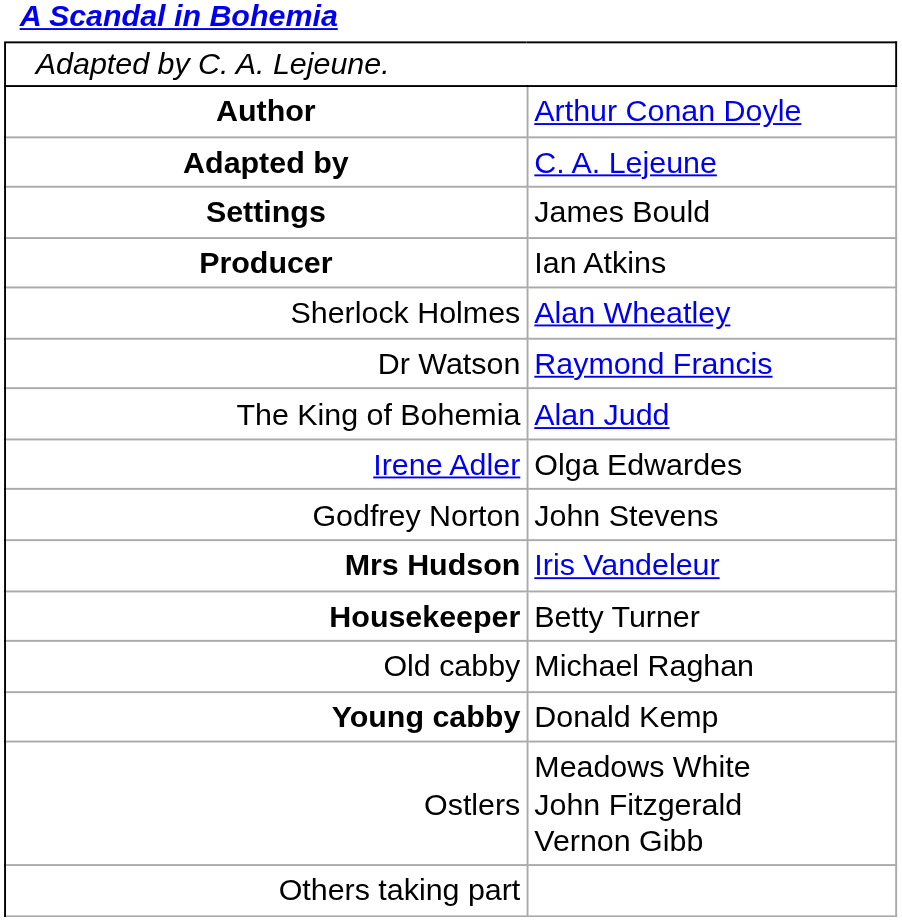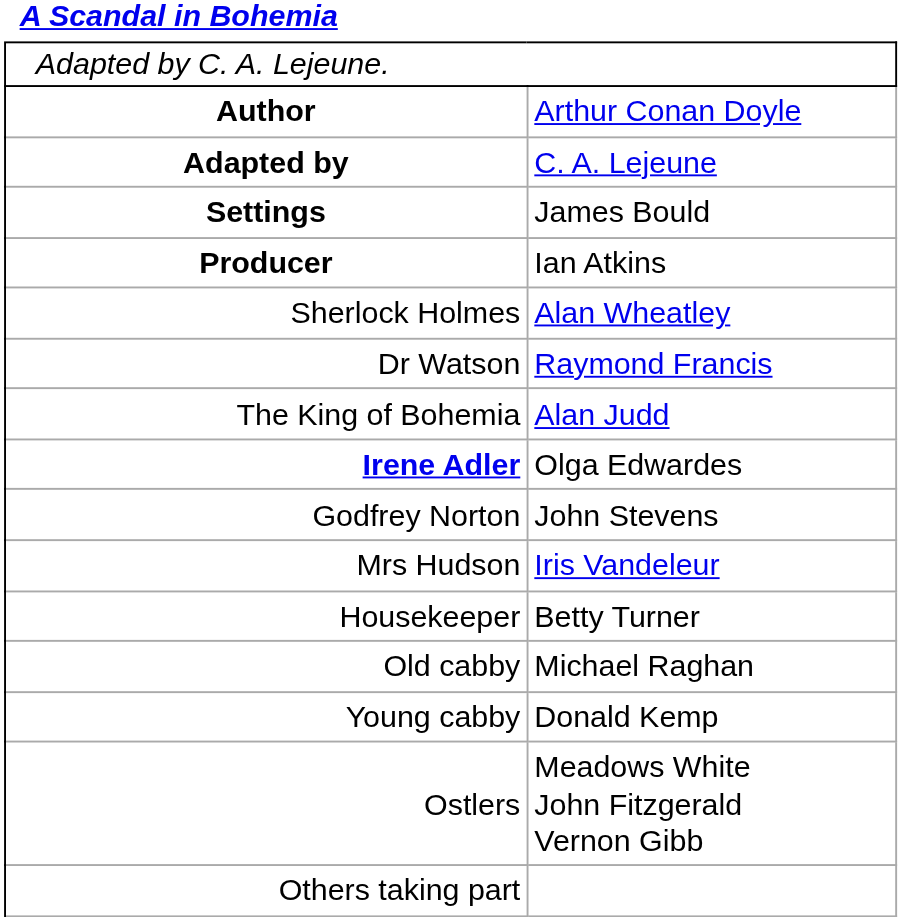 <table class="wikitable mw-collapsible mw-collapsed" style="vertical-align:top;margin:auto 2em;line-height:1.2;max-width:33em;background-color:inherit;border:none;">
 <tr>
 <td class=unsortable style="border:hidden;line-height:1.67;margin-left:-1em;text-align:center;padding-left:0.5em;min-width:1.0em;"></td>
 <td class=unsortable style="border-style:none;padding-left:0.5em;text-align:left;min-width:16.5em;font-weight:700;font-style:italic;"><a href='#'>A Scandal in Bohemia</a></td>
 <td class=unsortable style="border:none;text-align:right;font-weight:normal; font-size:95%; min-width:8.5em;padding-right:0.2em;"></td>
 <td class=unsortable style="border:none;min-width:3.5em;padding-left:0;"></td>
 <td class=unsortable style="border:hidden;min-width:3.5em;font-size:95%;"></td>
 </tr>
 <tr>
 <td rowspan=100 style="border:none thin;border-right-style :solid;"></td>
 <td colspan=3 style="text-align:left;padding:0.1em 1em;font-style:italic;border: solid thin;">Adapted by C. A. Lejeune.</td>
 </tr>
 <tr>
 <td style="text-align:center;font-weight:bold;">Author</td>
 <td colspan=2><a href='#'>Arthur Conan Doyle</a></td>
 </tr>
 <tr>
 <td style="text-align:center;font-weight:bold;">Adapted by</td>
 <td colspan=2><a href='#'>C. A. Lejeune</a></td>
 </tr>
 <tr>
 <td style="text-align:center;font-weight:bold;">Settings</td>
 <td colspan=2>James Bould</td>
 </tr>
 <tr>
 <td style="text-align:center;font-weight:bold;">Producer</td>
 <td colspan=2>Ian Atkins</td>
 </tr>
 <tr>
 <td style="text-align:right;">Sherlock Holmes</td>
 <td colspan=2><a href='#'>Alan Wheatley</a></td>
 </tr>
 <tr>
 <td style="text-align:right;">Dr Watson</td>
 <td colspan=2><a href='#'>Raymond Francis</a></td>
 </tr>
 <tr>
 <td style="text-align:right;">The King of Bohemia</td>
 <td colspan=2><a href='#'>Alan Judd</a></td>
 </tr>
 <tr>
-<td style="text-align:right;"><a href='#'>Irene Adler</a></td>
+<td style="text-align:right;"><strong><a href='#'>Irene Adler</a></strong></td>
 <td colspan=2>Olga Edwardes</td>
 </tr>
 <tr>
 <td style="text-align:right;">Godfrey Norton</td>
 <td colspan=2>John Stevens</td>
 </tr>
 <tr>
-<td style="text-align:right;"><strong>Mrs Hudson</strong></td>
+<td style="text-align:right;">Mrs Hudson</td>
 <td colspan=2><a href='#'>Iris Vandeleur</a></td>
 </tr>
 <tr>
-<td style="text-align:right;"><strong>Housekeeper</strong></td>
+<td style="text-align:right;">Housekeeper</td>
 <td colspan=2>Betty Turner</td>
 </tr>
 <tr>
 <td style="text-align:right;">Old cabby</td>
 <td colspan=2>Michael Raghan</td>
 </tr>
 <tr>
-<td style="text-align:right;"><strong>Young cabby</strong></td>
+<td style="text-align:right;">Young cabby</td>
 <td colspan=2>Donald Kemp</td>
 </tr>
 <tr>
 <td style="text-align:right;vertical-align:middle;">Ostlers</td>
 <td colspan=2>Meadows White<br>John Fitzgerald<br>Vernon Gibb</td>
 </tr>
 <tr>
 <td style="text-align:right;vertical-align:middle;">Others taking part</td>
 <td colspan=2></td>
 </tr>
 </table>
